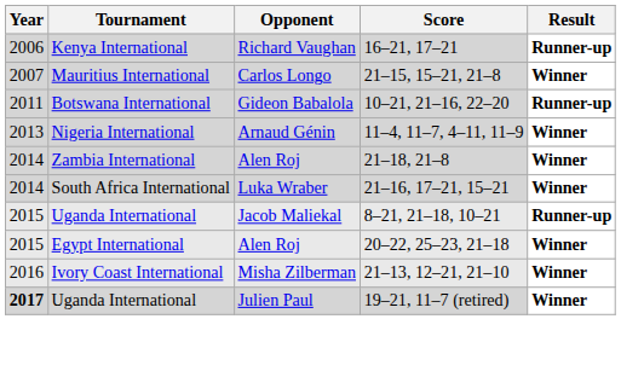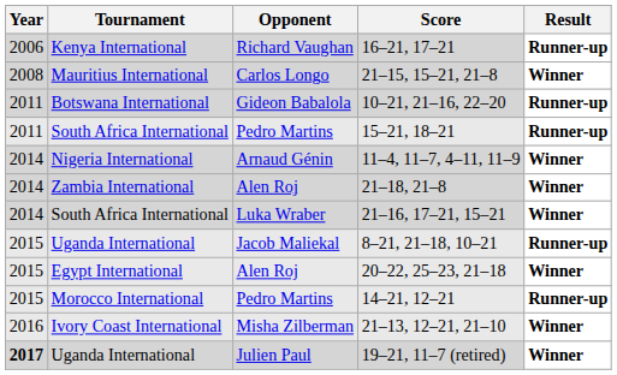 <table class="sortable wikitable" style="font-size: 90%;">
 <tr>
 <th>Year</th>
 <th>Tournament</th>
 <th>Opponent</th>
 <th>Score</th>
 <th>Result</th>
 </tr>
 <tr style="background:#D5D5D5">
 <td align="center">2006</td>
 <td align="left"><a href='#'>Kenya International</a></td>
 <td align="left"> <a href='#'>Richard Vaughan</a></td>
 <td align="left">16–21, 17–21</td>
 <td style="text-align:left; background:white"> <strong>Runner-up</strong></td>
 </tr>
 <tr style="background:#D5D5D5">
-<td align="center">2007</td>
+<td align="center">2008</td>
 <td align="left"><a href='#'>Mauritius International</a></td>
 <td align="left"> <a href='#'>Carlos Longo</a></td>
 <td align="left">21–15, 15–21, 21–8</td>
 <td style="text-align:left; background:white"> <strong>Winner</strong></td>
 </tr>
 <tr style="background:#D5D5D5">
 <td align="center">2011</td>
 <td align="left"><a href='#'>Botswana International</a></td>
 <td align="left"> <a href='#'>Gideon Babalola</a></td>
 <td align="left">10–21, 21–16, 22–20</td>
 <td style="text-align:left; background:white"> <strong>Runner-up</strong></td>
 </tr>
+<tr style="background:#E9E9E9">
+<td align="center">2011</td>
+<td align="left"><a href='#'>South Africa International</a></td>
+<td align="left"> <a href='#'>Pedro Martins</a></td>
+<td align="left">15–21, 18–21</td>
+<td style="text-align:left; background:white"> <strong>Runner-up</strong></td>
+</tr>
 <tr style="background:#D5D5D5">
-<td align="center">2013</td>
+<td align="center">2014</td>
 <td align="left"><a href='#'>Nigeria International</a></td>
 <td align="left"> <a href='#'>Arnaud Génin</a></td>
 <td align="left">11–4, 11–7, 4–11, 11–9</td>
 <td style="text-align:left; background:white"> <strong>Winner</strong></td>
 </tr>
 <tr style="background:#D5D5D5">
 <td align="center">2014</td>
 <td align="left"><a href='#'>Zambia International</a></td>
 <td align="left"> <a href='#'>Alen Roj</a></td>
 <td align="left">21–18, 21–8</td>
 <td style="text-align:left; background:white"> <strong>Winner</strong></td>
 </tr>
 <tr style="background:#D5D5D5">
 <td align="center">2014</td>
 <td align="left">South Africa International</td>
 <td align="left"> <a href='#'>Luka Wraber</a></td>
 <td align="left">21–16, 17–21, 15–21</td>
 <td style="text-align:left; background:white"> <strong>Winner</strong></td>
 </tr>
 <tr style="background:#E9E9E9">
 <td align="center">2015</td>
 <td align="left"><a href='#'>Uganda International</a></td>
 <td align="left"> <a href='#'>Jacob Maliekal</a></td>
 <td align="left">8–21, 21–18, 10–21</td>
 <td style="text-align:left; background:white"> <strong>Runner-up</strong></td>
 </tr>
 <tr style="background:#E9E9E9">
 <td align="center">2015</td>
 <td align="left"><a href='#'>Egypt International</a></td>
 <td align="left"> <a href='#'>Alen Roj</a></td>
 <td align="left">20–22, 25–23, 21–18</td>
 <td style="text-align:left; background:white"> <strong>Winner</strong></td>
 </tr>
 <tr style="background:#E9E9E9">
+<td align="center">2015</td>
+<td align="left"><a href='#'>Morocco International</a></td>
+<td align="left"> <a href='#'>Pedro Martins</a></td>
+<td align="left">14–21, 12–21</td>
+<td style="text-align:left; background:white"> <strong>Runner-up</strong></td>
+</tr>
+<tr style="background:#E9E9E9">
 <td align="center">2016</td>
 <td align="left"><a href='#'>Ivory Coast International</a></td>
 <td align="left"> <a href='#'>Misha Zilberman</a></td>
 <td align="left">21–13, 12–21, 21–10</td>
 <td style="text-align:left; background:white"> <strong>Winner</strong></td>
 </tr>
 <tr style="background:#D5D5D5">
 <td align="center"><strong>2017</strong></td>
 <td align="left">Uganda International</td>
 <td align="left"> <a href='#'>Julien Paul</a></td>
 <td align="left">19–21, 11–7 (retired)</td>
 <td style="text-align:left; background:white"> <strong>Winner</strong></td>
 </tr>
 </table>
